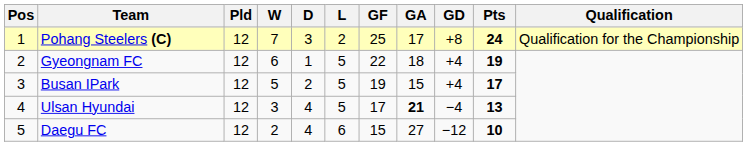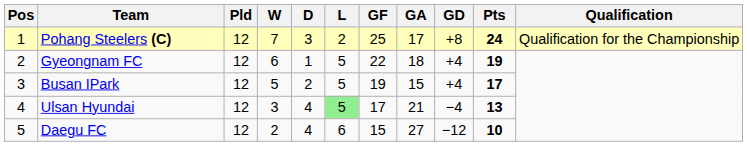 <table class="wikitable" style="text-align:center;">
 <tr>
 <th width=20>Pos</th>
 <th width=200>Team</th>
 <th width=30 abbr="Played">Pld</th>
 <th width=30 abbr="Won">W</th>
 <th width=30 abbr="Draw">D</th>
 <th width=30 abbr="Lost">L</th>
 <th width=35 abbr="Goals for">GF</th>
 <th width=35 abbr="Goals against">GA</th>
 <th width=35 abbr="Goal difference">GD</th>
 <th width=40 abbr="Points">Pts</th>
 <th>Qualification</th>
 </tr>
 <tr bgcolor=#ffffbb>
 <td>1</td>
 <td align="left"><a href='#'>Pohang Steelers</a> <strong>(C)</strong></td>
 <td>12</td>
 <td>7</td>
 <td>3</td>
 <td>2</td>
 <td>25</td>
 <td>17</td>
 <td>+8</td>
 <td><strong>24</strong></td>
 <td>Qualification for the Championship</td>
 </tr>
 <tr>
 <td>2</td>
 <td align="left"><a href='#'>Gyeongnam FC</a></td>
 <td>12</td>
 <td>6</td>
 <td>1</td>
 <td>5</td>
 <td>22</td>
 <td>18</td>
 <td>+4</td>
 <td><strong>19</strong></td>
 <td rowspan=4></td>
 </tr>
 <tr>
 <td>3</td>
 <td align="left"><a href='#'>Busan IPark</a></td>
 <td>12</td>
 <td>5</td>
 <td>2</td>
 <td>5</td>
 <td>19</td>
 <td>15</td>
 <td>+4</td>
 <td><strong>17</strong></td>
 </tr>
 <tr>
 <td>4</td>
 <td align="left"><a href='#'>Ulsan Hyundai</a></td>
 <td>12</td>
 <td>3</td>
 <td>4</td>
-<td>5</td>
+<td style="background: lightgreen;">5</td>
 <td>17</td>
-<td><strong>21</strong></td>
+<td>21</td>
 <td>−4</td>
 <td><strong>13</strong></td>
 </tr>
 <tr>
 <td>5</td>
 <td align="left"><a href='#'>Daegu FC</a></td>
 <td>12</td>
 <td>2</td>
 <td>4</td>
 <td>6</td>
 <td>15</td>
 <td>27</td>
 <td>−12</td>
 <td><strong>10</strong></td>
 </tr>
 </table>
